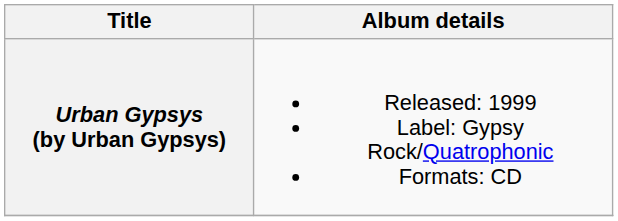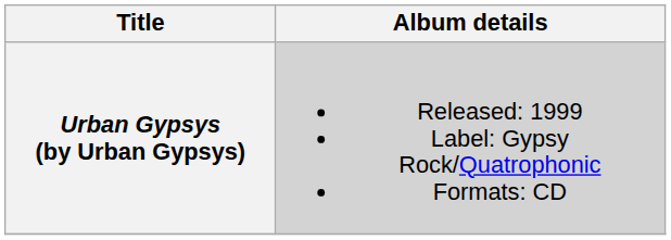 <table class="wikitable plainrowheaders" style="text-align:center;">
 <tr>
 <th scope="col" style="width:11em;">Title</th>
 <th scope="col" style="width:16em;">Album details</th>
 </tr>
 <tr>
 <th scope="row"><em>Urban Gypsys</em><br><span>(by Urban Gypsys)</span></th>
-<td><br><ul><li>Released: 1999</li><li>Label: Gypsy Rock/<a href='#'>Quatrophonic</a></li><li>Formats: CD</li></ul></td>
+<td style="background: lightgrey;"><br><ul><li>Released: 1999</li><li>Label: Gypsy Rock/<a href='#'>Quatrophonic</a></li><li>Formats: CD</li></ul></td>
 </tr>
 <tr>
 </tr>
 </table>
